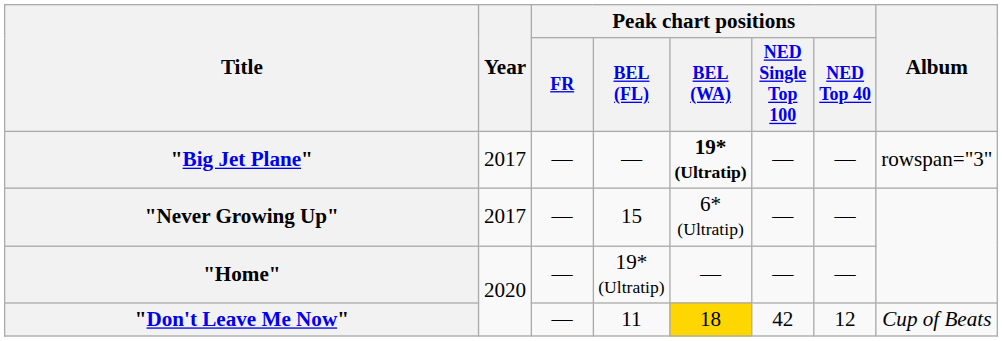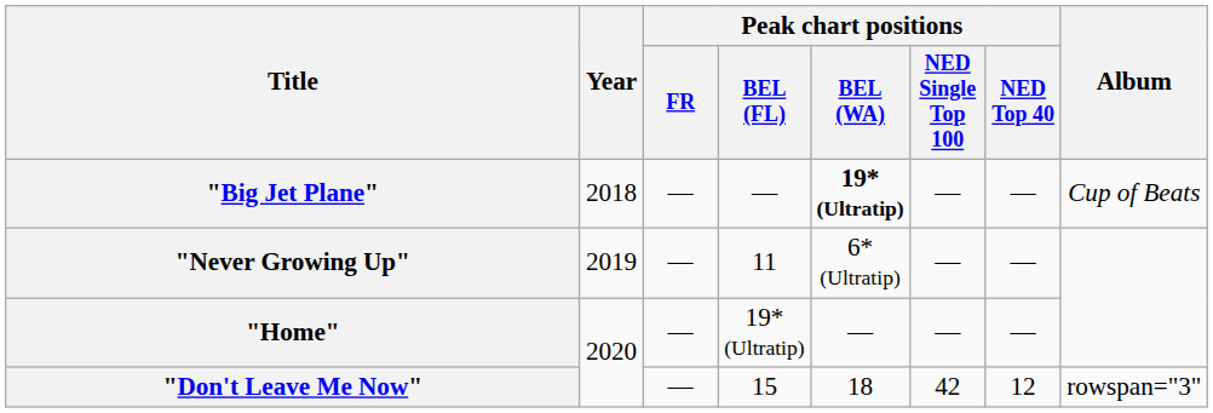 <table class="wikitable plainrowheaders" style="text-align:center;">
 <tr>
 <th scope="col" rowspan="2" style="width:22em;">Title</th>
 <th scope="col" rowspan="2" style="width:1em;">Year</th>
 <th scope="col" colspan="5">Peak chart positions</th>
 <th scope="col" rowspan="2">Album</th>
 </tr>
 <tr>
 <th scope="col" style="width:3em;font-size:85%;"><a href='#'>FR</a><br></th>
 <th scope="col" style="width:3em;font-size:85%;"><a href='#'>BEL<br>(FL)</a><br></th>
 <th scope="col" style="width:3em;font-size:85%;"><a href='#'>BEL<br>(WA)</a><br></th>
 <th scope="col" style="width:3em;font-size:85%;"><a href='#'>NED<br>Single<br>Top 100</a><br></th>
 <th scope="col" style="width:3em;font-size:85%;"><a href='#'>NED<br>Top 40</a><br></th>
 </tr>
 <tr>
 <th scope="row">"<a href='#'>Big Jet Plane</a>"<br></th>
-<td>2017</td>
+<td>2018</td>
 <td>—</td>
 <td>—</td>
 <td><strong>19*<br><small>(Ultratip)</small></strong></td>
 <td>—</td>
 <td>—</td>
-<td>rowspan="3" </td>
+<td><em>Cup of Beats</em></td>
 </tr>
 <tr>
 <th scope="row">"Never Growing Up"<br></th>
-<td>2017</td>
+<td>2019</td>
 <td>—</td>
-<td>15</td>
+<td>11</td>
 <td>6*<br><small>(Ultratip)</small></td>
 <td>—</td>
 <td>—</td>
 </tr>
 <tr>
 <th scope="row">"Home"<br></th>
 <td rowspan="2">2020</td>
 <td>—</td>
 <td>19*<br><small>(Ultratip)</small></td>
 <td>—</td>
 <td>—</td>
 <td>—</td>
 </tr>
 <tr>
 <th scope="row">"<a href='#'>Don't Leave Me Now</a>"<br></th>
 <td>—</td>
-<td>11</td>
-<td style="background: gold;">18</td>
+<td>15</td>
+<td>18</td>
 <td>42</td>
 <td>12</td>
-<td><em>Cup of Beats</em></td>
+<td>rowspan="3" </td>
 </tr>
 </table>
